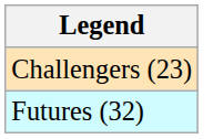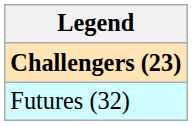 <table class="wikitable">
 <tr>
 <th>Legend</th>
 </tr>
 <tr bgcolor="moccasin">
-<td>Challengers (23)</td>
+<td><strong>Challengers (23)</strong></td>
 </tr>
 <tr bgcolor="CFFCFF">
 <td>Futures (32)</td>
 </tr>
 </table>
